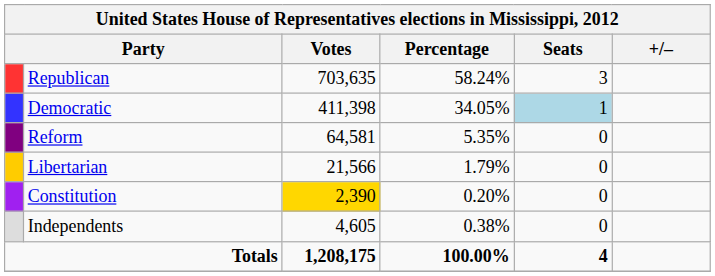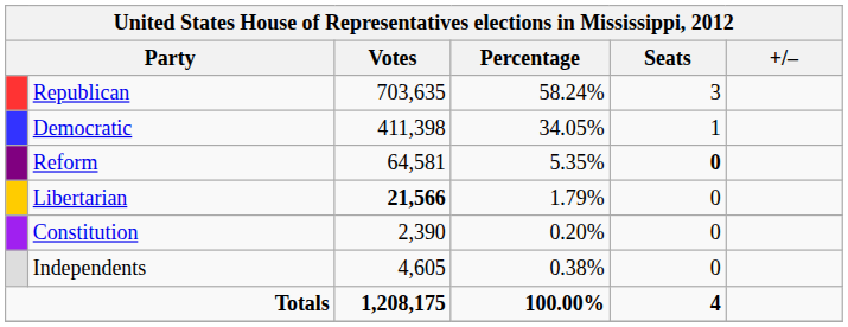 <table class="wikitable" style="font-size: 95%;">
 <tr>
 <th colspan="6">United States House of Representatives elections in Mississippi, 2012</th>
 </tr>
 <tr>
 <th colspan=2 style="width: 15em">Party</th>
 <th style="width: 5em">Votes</th>
 <th style="width: 7em">Percentage</th>
 <th style="width: 5em">Seats</th>
 <th style="width: 5em">+/–</th>
 </tr>
 <tr>
 <th style="background-color:#FF3333; width: 3px"></th>
 <td style="width: 130px"><a href='#'>Republican</a></td>
 <td align="right">703,635</td>
 <td align="right">58.24%</td>
 <td align="right">3</td>
 <td align="right"></td>
 </tr>
 <tr>
 <th style="background-color:#3333FF; width: 3px"></th>
 <td style="width: 130px"><a href='#'>Democratic</a></td>
 <td align="right">411,398</td>
 <td align="right">34.05%</td>
-<td align="right" style="background: lightblue;">1</td>
+<td align="right">1</td>
 <td align="right"></td>
 </tr>
 <tr>
 <th style="background-color:#800080; width: 3px"></th>
 <td style="width: 130px"><a href='#'>Reform</a></td>
 <td align="right">64,581</td>
 <td align="right">5.35%</td>
-<td align="right">0</td>
+<td align="right"><strong>0</strong></td>
 <td align="right"></td>
 </tr>
 <tr>
 <th style="background-color:#FFCC00; width: 3px"></th>
 <td style="width: 130px"><a href='#'>Libertarian</a></td>
-<td align="right">21,566</td>
+<td align="right"><strong>21,566</strong></td>
 <td align="right">1.79%</td>
 <td align="right">0</td>
 <td align="right"></td>
 </tr>
 <tr>
 <th style="background-color:#A020F0; width: 3px"></th>
 <td style="width: 130px"><a href='#'>Constitution</a></td>
-<td align="right" style="background: gold;">2,390</td>
+<td align="right">2,390</td>
 <td align="right">0.20%</td>
 <td align="right">0</td>
 <td align="right"></td>
 </tr>
 <tr>
 <th style="background-color:#DDDDDD; width: 3px"></th>
 <td style="width: 130px">Independents</td>
 <td align="right">4,605</td>
 <td align="right">0.38%</td>
 <td align="right">0</td>
 <td align="right"></td>
 </tr>
 <tr>
 <td colspan="2" align="right"><strong>Totals</strong></td>
 <td align="right"><strong>1,208,175</strong></td>
 <td align="right"><strong>100.00%</strong></td>
 <td align="right"><strong>4</strong></td>
 <td align="right"><strong></strong></td>
 </tr>
 <tr bgcolor="#EEEEEE">
 </tr>
 </table>
